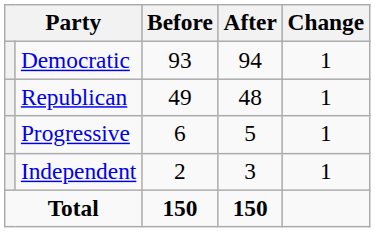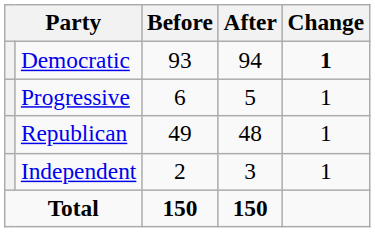 <table class="wikitable" style="text-align:center;">
 <tr>
 <th colspan="2">Party</th>
 <th>Before</th>
 <th>After</th>
 <th>Change</th>
 </tr>
 <tr>
 <th style="background-color:"></th>
 <td style="text-align:left;"><a href='#'>Democratic</a></td>
 <td>93</td>
 <td>94</td>
+<td><strong> 1</strong></td>
+</tr>
+<tr>
+<th style="background-color:"></th>
+<td style="text-align:left;"><a href='#'>Progressive</a></td>
+<td>6</td>
+<td>5</td>
 <td> 1</td>
 </tr>
 <tr>
 <th style="background-color:"></th>
 <td style="text-align:left;"><a href='#'>Republican</a></td>
 <td>49</td>
 <td>48</td>
-<td> 1</td>
-</tr>
-<tr>
-<th style="background-color:"></th>
-<td style="text-align:left;"><a href='#'>Progressive</a></td>
-<td>6</td>
-<td>5</td>
 <td> 1</td>
 </tr>
 <tr>
 <th style="background-color:"></th>
 <td style="text-align:left;"><a href='#'>Independent</a></td>
 <td>2</td>
 <td>3</td>
 <td> 1</td>
 </tr>
 <tr>
 <td colspan="2"><strong>Total</strong></td>
 <td><strong>150</strong></td>
 <td><strong>150</strong></td>
 <td></td>
 </tr>
 </table>
